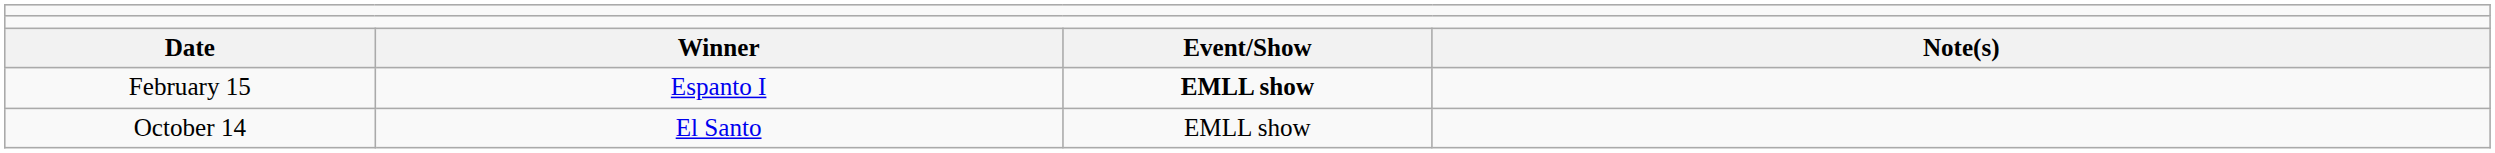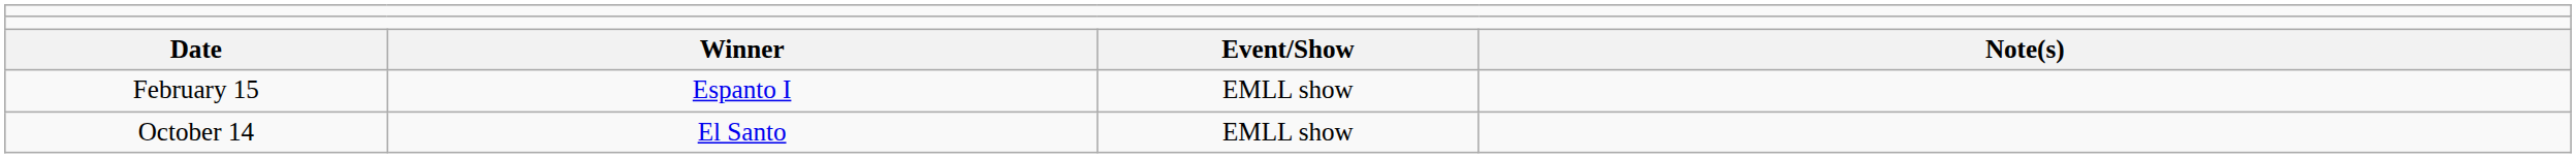 <table class="wikitable" style="text-align:center; width:100%;">
 <tr>
 <td colspan=5></td>
 </tr>
 <tr>
 <td colspan=5><strong></strong></td>
 </tr>
 <tr>
 <th width=14%>Date</th>
 <th width=26%>Winner</th>
 <th width=14%>Event/Show</th>
 <th width=40%>Note(s)</th>
 </tr>
 <tr>
 <td>February 15</td>
 <td><a href='#'>Espanto I</a></td>
-<td><strong>EMLL show</strong></td>
+<td>EMLL show</td>
 <td align=left></td>
 </tr>
 <tr>
 <td>October 14</td>
 <td><a href='#'>El Santo</a></td>
 <td>EMLL show</td>
 <td align=left></td>
 </tr>
 </table>
